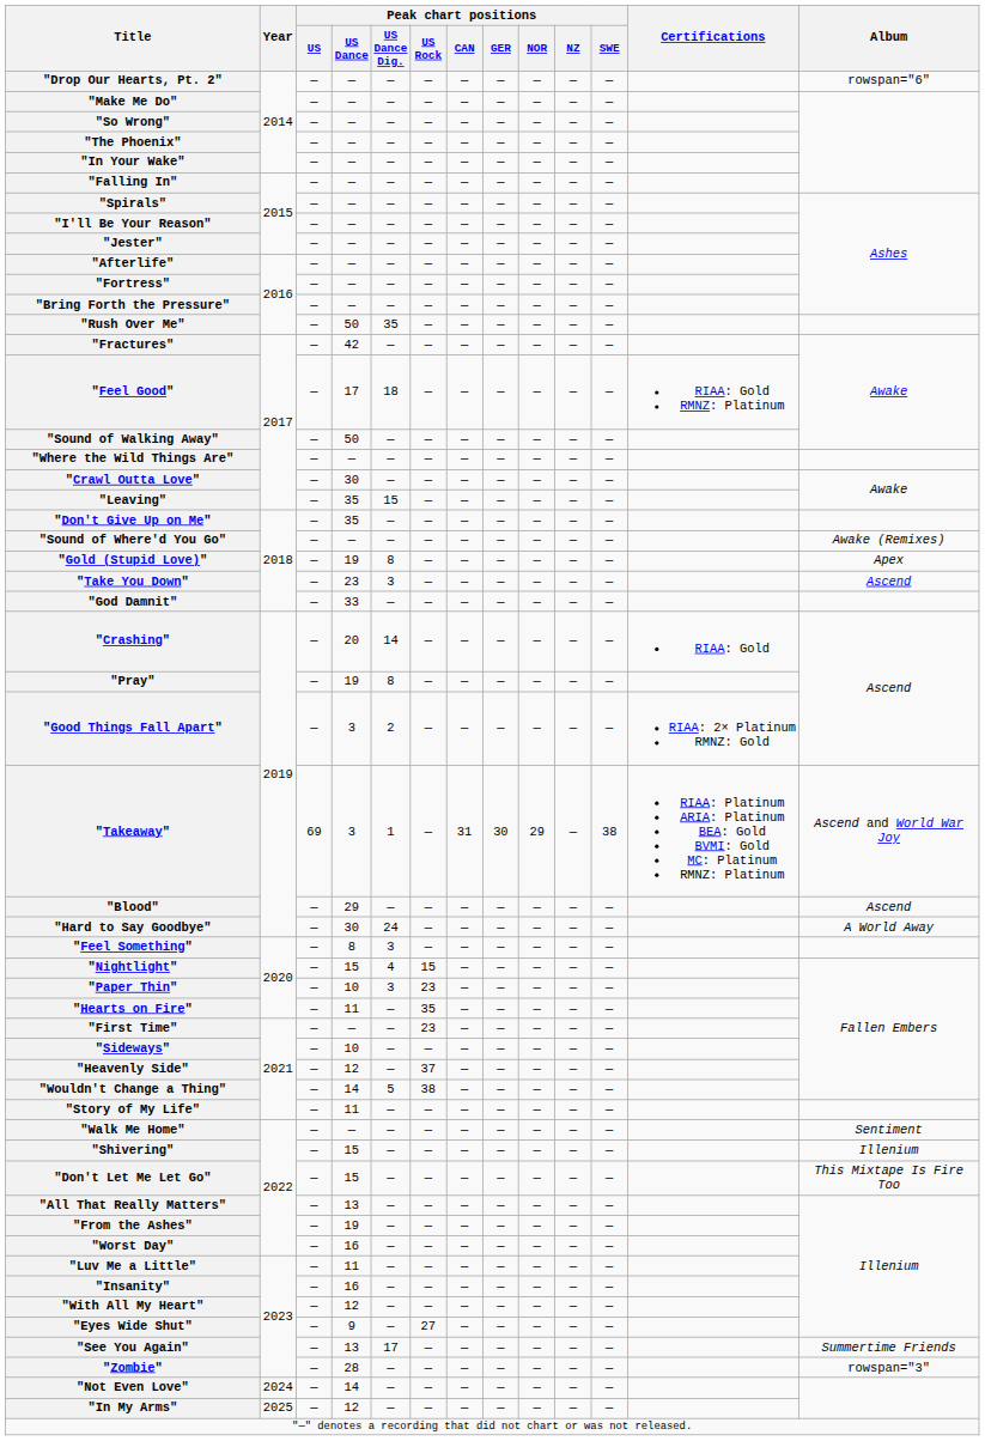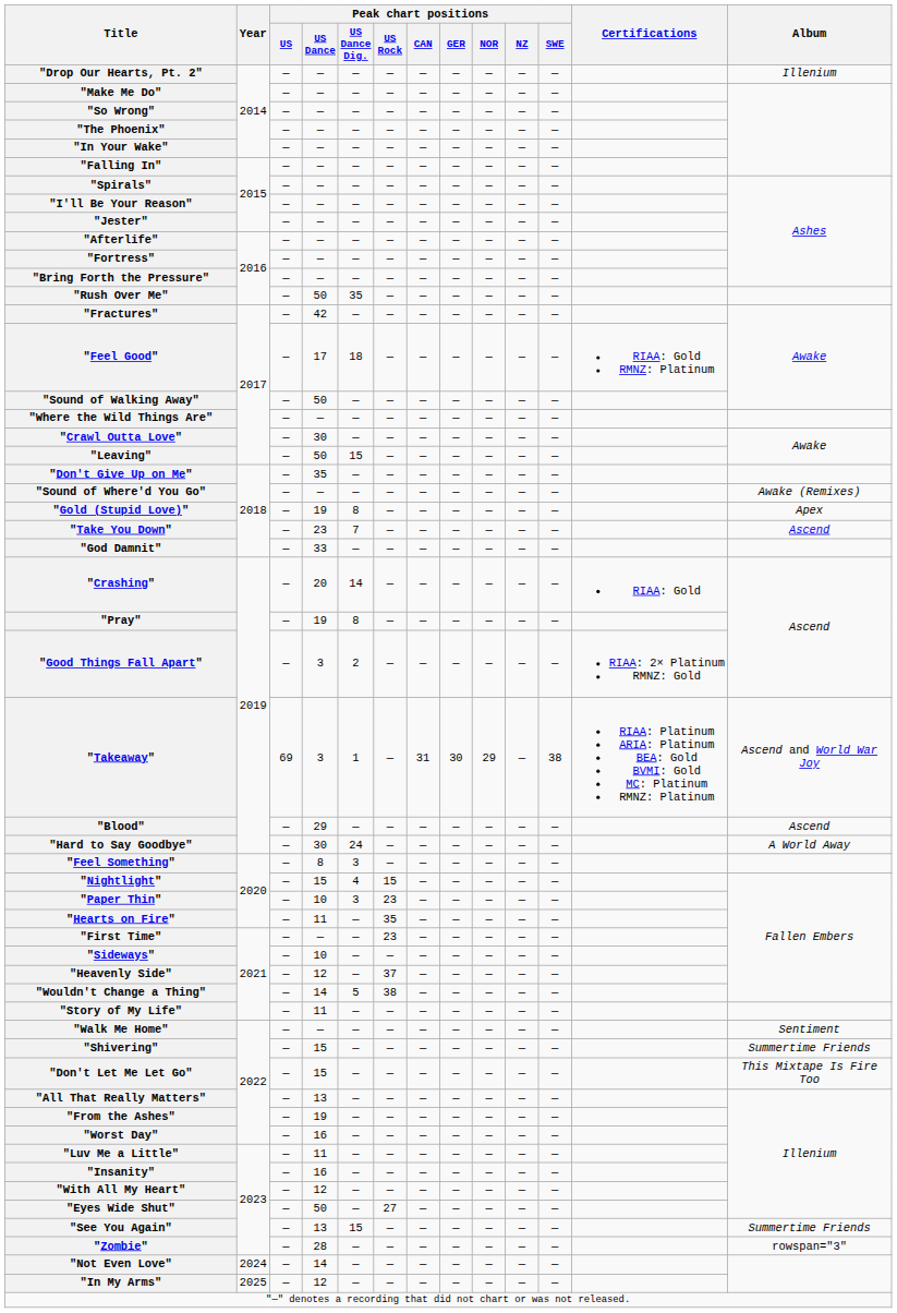 <table class="wikitable plainrowheaders" style="text-align:center;">
 <tr>
 <th scope="col" rowspan="2" style="width:20em;">Title</th>
 <th scope="col" rowspan="2" style="width:1em;">Year</th>
 <th scope="col" colspan="9">Peak chart positions</th>
 <th scope="col" rowspan="2"><a href='#'>Certifications</a></th>
 <th scope="col" rowspan="2" style="width:14em;">Album</th>
 </tr>
 <tr>
 <th scope="col" style="width:2.75em;font-size:90%;"><a href='#'>US</a><br></th>
 <th scope="col" style="width:2.75em;font-size:90%;"><a href='#'>US<br>Dance</a><br></th>
 <th scope="col" style="width:2.75em;font-size:90%;"><a href='#'>US<br>Dance Dig.</a><br></th>
 <th scope="col" style="width:2.75em;font-size:90%;"><a href='#'>US<br>Rock</a><br></th>
 <th scope="col" style="width:2.75em;font-size:90%;"><a href='#'>CAN</a><br></th>
 <th scope="col" style="width:2.75em;font-size:90%;"><a href='#'>GER</a><br></th>
 <th scope="col" style="width:2.75em;font-size:90%;"><a href='#'>NOR</a><br></th>
 <th scope="col" style="width:2.75em;font-size:90%;"><a href='#'>NZ</a><br></th>
 <th scope="col" style="width:2.75em;font-size:90%;"><a href='#'>SWE</a><br></th>
 </tr>
 <tr>
 <th scope="row">"Drop Our Hearts, Pt. 2"<br></th>
 <td rowspan="5">2014</td>
 <td>—</td>
 <td>—</td>
 <td>—</td>
 <td>—</td>
 <td>—</td>
 <td>—</td>
 <td>—</td>
 <td>—</td>
 <td>—</td>
 <td></td>
-<td>rowspan="6" </td>
+<td><em>Illenium</em></td>
 </tr>
 <tr>
 <th scope="row">"Make Me Do"</th>
 <td>—</td>
 <td>—</td>
 <td>—</td>
 <td>—</td>
 <td>—</td>
 <td>—</td>
 <td>—</td>
 <td>—</td>
 <td>—</td>
 <td></td>
 </tr>
 <tr>
 <th scope="row">"So Wrong"</th>
 <td>—</td>
 <td>—</td>
 <td>—</td>
 <td>—</td>
 <td>—</td>
 <td>—</td>
 <td>—</td>
 <td>—</td>
 <td>—</td>
 <td></td>
 </tr>
 <tr>
 <th scope="row">"The Phoenix"</th>
 <td>—</td>
 <td>—</td>
 <td>—</td>
 <td>—</td>
 <td>—</td>
 <td>—</td>
 <td>—</td>
 <td>—</td>
 <td>—</td>
 <td></td>
 </tr>
 <tr>
 <th scope="row">"In Your Wake"<br></th>
 <td>—</td>
 <td>—</td>
 <td>—</td>
 <td>—</td>
 <td>—</td>
 <td>—</td>
 <td>—</td>
 <td>—</td>
 <td>—</td>
 <td></td>
 </tr>
 <tr>
 <th scope="row">"Falling In"<br></th>
 <td rowspan="4">2015</td>
 <td>—</td>
 <td>—</td>
 <td>—</td>
 <td>—</td>
 <td>—</td>
 <td>—</td>
 <td>—</td>
 <td>—</td>
 <td>—</td>
 <td></td>
 </tr>
 <tr>
 <th scope="row">"Spirals"<br></th>
 <td>—</td>
 <td>—</td>
 <td>—</td>
 <td>—</td>
 <td>—</td>
 <td>—</td>
 <td>—</td>
 <td>—</td>
 <td>—</td>
 <td></td>
 <td rowspan="6"><em><a href='#'>Ashes</a></em></td>
 </tr>
 <tr>
 <th scope="row">"I'll Be Your Reason"</th>
 <td>—</td>
 <td>—</td>
 <td>—</td>
 <td>—</td>
 <td>—</td>
 <td>—</td>
 <td>—</td>
 <td>—</td>
 <td>—</td>
 <td></td>
 </tr>
 <tr>
 <th scope="row">"Jester"</th>
 <td>—</td>
 <td>—</td>
 <td>—</td>
 <td>—</td>
 <td>—</td>
 <td>—</td>
 <td>—</td>
 <td>—</td>
 <td>—</td>
 <td></td>
 </tr>
 <tr>
 <th scope="row">"Afterlife"<br></th>
 <td rowspan="4">2016</td>
 <td>—</td>
 <td>—</td>
 <td>—</td>
 <td>—</td>
 <td>—</td>
 <td>—</td>
 <td>—</td>
 <td>—</td>
 <td>—</td>
 <td></td>
 </tr>
 <tr>
 <th scope="row">"Fortress"<br></th>
 <td>—</td>
 <td>—</td>
 <td>—</td>
 <td>—</td>
 <td>—</td>
 <td>—</td>
 <td>—</td>
 <td>—</td>
 <td>—</td>
 <td></td>
 </tr>
 <tr>
 <th scope="row">"Bring Forth the Pressure"<br></th>
 <td>—</td>
 <td>—</td>
 <td>—</td>
 <td>—</td>
 <td>—</td>
 <td>—</td>
 <td>—</td>
 <td>—</td>
 <td>—</td>
 <td></td>
 </tr>
 <tr>
 <th scope="row">"Rush Over Me"<br></th>
 <td>—</td>
 <td>50</td>
 <td>35</td>
 <td>—</td>
 <td>—</td>
 <td>—</td>
 <td>—</td>
 <td>—</td>
 <td>—</td>
 <td></td>
 <td></td>
 </tr>
 <tr>
 <th scope="row">"Fractures"<br></th>
 <td rowspan="6">2017</td>
 <td>—</td>
 <td>42</td>
 <td>—</td>
 <td>—</td>
 <td>—</td>
 <td>—</td>
 <td>—</td>
 <td>—</td>
 <td>—</td>
 <td></td>
 <td rowspan="3"><a href='#'><em>Awake</em></a></td>
 </tr>
 <tr>
 <th scope="row">"<a href='#'>Feel Good</a>"<br></th>
 <td>—</td>
 <td>17</td>
 <td>18</td>
 <td>—</td>
 <td>—</td>
 <td>—</td>
 <td>—</td>
 <td>—</td>
 <td>—</td>
 <td><br><ul><li><a href='#'>RIAA</a>: Gold</li><li><a href='#'>RMNZ</a>: Platinum</li></ul></td>
 </tr>
 <tr>
 <th scope="row">"Sound of Walking Away"<br></th>
 <td>—</td>
 <td>50</td>
 <td>—</td>
 <td>—</td>
 <td>—</td>
 <td>—</td>
 <td>—</td>
 <td>—</td>
 <td>—</td>
 <td></td>
 </tr>
 <tr>
 <th scope="row">"Where the Wild Things Are"<br></th>
 <td>—</td>
 <td>—</td>
 <td>—</td>
 <td>—</td>
 <td>—</td>
 <td>—</td>
 <td>—</td>
 <td>—</td>
 <td>—</td>
 <td></td>
 <td></td>
 </tr>
 <tr>
 <th scope="row">"<a href='#'>Crawl Outta Love</a>"<br></th>
 <td>—</td>
 <td>30</td>
 <td>—</td>
 <td>—</td>
 <td>—</td>
 <td>—</td>
 <td>—</td>
 <td>—</td>
 <td>—</td>
 <td></td>
 <td rowspan="2"><em>Awake</em></td>
 </tr>
 <tr>
 <th scope="row">"Leaving"<br></th>
 <td>—</td>
-<td>35</td>
+<td>50</td>
 <td>15</td>
 <td>—</td>
 <td>—</td>
 <td>—</td>
 <td>—</td>
 <td>—</td>
 <td>—</td>
 <td></td>
 </tr>
 <tr>
 <th scope="row">"<a href='#'>Don't Give Up on Me</a>"<br></th>
 <td rowspan="5">2018</td>
 <td>—</td>
 <td>35</td>
 <td>—</td>
 <td>—</td>
 <td>—</td>
 <td>—</td>
 <td>—</td>
 <td>—</td>
 <td>—</td>
 <td></td>
 <td></td>
 </tr>
 <tr>
 <th scope="row">"Sound of Where'd You Go"<br></th>
 <td>—</td>
 <td>—</td>
 <td>—</td>
 <td>—</td>
 <td>—</td>
 <td>—</td>
 <td>—</td>
 <td>—</td>
 <td>—</td>
 <td></td>
 <td><em>Awake (Remixes)</em></td>
 </tr>
 <tr>
 <th scope="row">"<a href='#'>Gold (Stupid Love)</a>"<br></th>
 <td>—</td>
 <td>19</td>
 <td>8</td>
 <td>—</td>
 <td>—</td>
 <td>—</td>
 <td>—</td>
 <td>—</td>
 <td>—</td>
 <td></td>
 <td><em>Apex</em></td>
 </tr>
 <tr>
 <th scope="row">"<a href='#'>Take You Down</a>"</th>
 <td>—</td>
 <td>23</td>
-<td>3</td>
+<td>7</td>
 <td>—</td>
 <td>—</td>
 <td>—</td>
 <td>—</td>
 <td>—</td>
 <td>—</td>
 <td></td>
 <td><em><a href='#'>Ascend</a></em></td>
 </tr>
 <tr>
 <th scope="row">"God Damnit"<br></th>
 <td>—</td>
 <td>33</td>
 <td>—</td>
 <td>—</td>
 <td>—</td>
 <td>—</td>
 <td>—</td>
 <td>—</td>
 <td>—</td>
 <td></td>
 <td></td>
 </tr>
 <tr>
 <th scope="row">"<a href='#'>Crashing</a>"<br></th>
 <td rowspan="6">2019</td>
 <td>—</td>
 <td>20</td>
 <td>14</td>
 <td>—</td>
 <td>—</td>
 <td>—</td>
 <td>—</td>
 <td>—</td>
 <td>—</td>
 <td><br><ul><li><a href='#'>RIAA</a>: Gold</li></ul></td>
 <td rowspan="3"><em>Ascend</em></td>
 </tr>
 <tr>
 <th scope="row">"Pray"<br></th>
 <td>—</td>
 <td>19</td>
 <td>8</td>
 <td>—</td>
 <td>—</td>
 <td>—</td>
 <td>—</td>
 <td>—</td>
 <td>—</td>
 <td></td>
 </tr>
 <tr>
 <th scope="row">"<a href='#'>Good Things Fall Apart</a>" <br></th>
 <td>—</td>
 <td>3</td>
 <td>2</td>
 <td>—</td>
 <td>—</td>
 <td>—</td>
 <td>—</td>
 <td>—</td>
 <td>—</td>
 <td><br><ul><li><a href='#'>RIAA</a>: 2× Platinum</li><li>RMNZ: Gold</li></ul></td>
 </tr>
 <tr>
 <th scope="row">"<a href='#'>Takeaway</a>"<br></th>
 <td>69</td>
 <td>3</td>
 <td>1</td>
 <td>—</td>
 <td>31</td>
 <td>30</td>
 <td>29</td>
 <td>—</td>
 <td>38</td>
 <td><br><ul><li><a href='#'>RIAA</a>: Platinum</li><li><a href='#'>ARIA</a>: Platinum</li><li><a href='#'>BEA</a>: Gold</li><li><a href='#'>BVMI</a>: Gold</li><li><a href='#'>MC</a>: Platinum</li><li>RMNZ: Platinum</li></ul></td>
 <td><em>Ascend</em> and <em><a href='#'>World War Joy</a></em></td>
 </tr>
 <tr>
 <th scope="row">"Blood" <br></th>
 <td>—</td>
 <td>29</td>
 <td>—</td>
 <td>—</td>
 <td>—</td>
 <td>—</td>
 <td>—</td>
 <td>—</td>
 <td>—</td>
 <td></td>
 <td><em>Ascend</em></td>
 </tr>
 <tr>
 <th scope="row">"Hard to Say Goodbye" <br></th>
 <td>—</td>
 <td>30</td>
 <td>24</td>
 <td>—</td>
 <td>—</td>
 <td>—</td>
 <td>—</td>
 <td>—</td>
 <td>—</td>
 <td></td>
 <td><em>A World Away</em></td>
 </tr>
 <tr>
 <th scope="row">"<a href='#'>Feel Something</a>" <br></th>
 <td rowspan="4">2020</td>
 <td>—</td>
 <td>8</td>
 <td>3</td>
 <td>—</td>
 <td>—</td>
 <td>—</td>
 <td>—</td>
 <td>—</td>
 <td>—</td>
 <td></td>
 <td></td>
 </tr>
 <tr>
 <th scope="row">"<a href='#'>Nightlight</a>"<br></th>
 <td>—</td>
 <td>15</td>
 <td>4</td>
 <td>15</td>
 <td>—</td>
 <td>—</td>
 <td>—</td>
 <td>—</td>
 <td>—</td>
 <td></td>
 <td rowspan="7"><em>Fallen Embers</em></td>
 </tr>
 <tr>
 <th scope="row">"<a href='#'>Paper Thin</a>" <br></th>
 <td>—</td>
 <td>10</td>
 <td>3</td>
 <td>23</td>
 <td>—</td>
 <td>—</td>
 <td>—</td>
 <td>—</td>
 <td>—</td>
 <td></td>
 </tr>
 <tr>
 <th scope="row">"<a href='#'>Hearts on Fire</a>" <br></th>
 <td>—</td>
 <td>11</td>
 <td>—</td>
 <td>35</td>
 <td>—</td>
 <td>—</td>
 <td>—</td>
 <td>—</td>
 <td>—</td>
 <td></td>
 </tr>
 <tr>
 <th scope="row">"First Time"<br></th>
 <td rowspan="5">2021</td>
 <td>—</td>
 <td>—</td>
 <td>—</td>
 <td>23</td>
 <td>—</td>
 <td>—</td>
 <td>—</td>
 <td>—</td>
 <td>—</td>
 <td></td>
 </tr>
 <tr>
 <th scope="row">"<a href='#'>Sideways</a>"<br></th>
 <td>—</td>
 <td>10</td>
 <td>—</td>
 <td>—</td>
 <td>—</td>
 <td>—</td>
 <td>—</td>
 <td>—</td>
 <td>—</td>
 <td></td>
 </tr>
 <tr>
 <th scope="row">"Heavenly Side" <br></th>
 <td>—</td>
 <td>12</td>
 <td>—</td>
 <td>37</td>
 <td>—</td>
 <td>—</td>
 <td>—</td>
 <td>—</td>
 <td>—</td>
 <td></td>
 </tr>
 <tr>
 <th scope="row">"Wouldn't Change a Thing" <br></th>
 <td>—</td>
 <td>14</td>
 <td>5</td>
 <td>38</td>
 <td>—</td>
 <td>—</td>
 <td>—</td>
 <td>—</td>
 <td>—</td>
 <td></td>
 </tr>
 <tr>
 <th scope="row">"Story of My Life"<br></th>
 <td>—</td>
 <td>11</td>
 <td>—</td>
 <td>—</td>
 <td>—</td>
 <td>—</td>
 <td>—</td>
 <td>—</td>
 <td>—</td>
 <td></td>
 <td></td>
 </tr>
 <tr>
 <th scope="row">"Walk Me Home" <br></th>
 <td rowspan="6">2022</td>
 <td>—</td>
 <td>—</td>
 <td>—</td>
 <td>—</td>
 <td>—</td>
 <td>—</td>
 <td>—</td>
 <td>—</td>
 <td>—</td>
 <td></td>
 <td><em>Sentiment</em></td>
 </tr>
 <tr>
 <th scope="row">"Shivering"<br></th>
 <td>—</td>
 <td>15</td>
 <td>—</td>
 <td>—</td>
 <td>—</td>
 <td>—</td>
 <td>—</td>
 <td>—</td>
 <td>—</td>
 <td></td>
-<td><em>Illenium</em></td>
+<td><em>Summertime Friends</em></td>
 </tr>
 <tr>
 <th scope="row">"Don't Let Me Let Go" <br></th>
 <td>—</td>
 <td>15</td>
 <td>—</td>
 <td>—</td>
 <td>—</td>
 <td>—</td>
 <td>—</td>
 <td>—</td>
 <td>—</td>
 <td></td>
 <td><em>This Mixtape Is Fire Too</em></td>
 </tr>
 <tr>
 <th scope="row">"All That Really Matters" <br></th>
 <td>—</td>
 <td>13</td>
 <td>—</td>
 <td>—</td>
 <td>—</td>
 <td>—</td>
 <td>—</td>
 <td>—</td>
 <td>—</td>
 <td></td>
 <td rowspan="7"><em>Illenium</em></td>
 </tr>
 <tr>
 <th scope="row">"From the Ashes" <br></th>
 <td>—</td>
 <td>19</td>
 <td>—</td>
 <td>—</td>
 <td>—</td>
 <td>—</td>
 <td>—</td>
 <td>—</td>
 <td>—</td>
 <td></td>
 </tr>
 <tr>
 <th scope="row">"Worst Day" <br></th>
 <td>—</td>
 <td>16</td>
 <td>—</td>
 <td>—</td>
 <td>—</td>
 <td>—</td>
 <td>—</td>
 <td>—</td>
 <td>—</td>
 <td></td>
 </tr>
 <tr>
 <th scope="row">"Luv Me a Little" <br></th>
 <td rowspan="6">2023</td>
 <td>—</td>
 <td>11</td>
 <td>—</td>
 <td>—</td>
 <td>—</td>
 <td>—</td>
 <td>—</td>
 <td>—</td>
 <td>—</td>
 <td></td>
 </tr>
 <tr>
 <th scope="row">"Insanity" <br></th>
 <td>—</td>
 <td>16</td>
 <td>—</td>
 <td>—</td>
 <td>—</td>
 <td>—</td>
 <td>—</td>
 <td>—</td>
 <td>—</td>
 <td></td>
 </tr>
 <tr>
 <th scope="row">"With All My Heart" <br></th>
 <td>—</td>
 <td>12</td>
 <td>—</td>
 <td>—</td>
 <td>—</td>
 <td>—</td>
 <td>—</td>
 <td>—</td>
 <td>—</td>
 <td></td>
 </tr>
 <tr>
 <th scope="row">"Eyes Wide Shut" <br></th>
 <td>—</td>
-<td>9</td>
+<td>50</td>
 <td>—</td>
 <td>27</td>
 <td>—</td>
 <td>—</td>
 <td>—</td>
 <td>—</td>
 <td>—</td>
 <td></td>
 </tr>
 <tr>
 <th scope="row">"See You Again" <br></th>
 <td>—</td>
 <td>13</td>
-<td>17</td>
+<td>15</td>
 <td>—</td>
 <td>—</td>
 <td>—</td>
 <td>—</td>
 <td>—</td>
 <td>—</td>
 <td></td>
 <td><em>Summertime Friends</em></td>
 </tr>
 <tr>
 <th scope="row">"<a href='#'>Zombie</a>" <br></th>
 <td>—</td>
 <td>28</td>
 <td>—</td>
 <td>—</td>
 <td>—</td>
 <td>—</td>
 <td>—</td>
 <td>—</td>
 <td>—</td>
 <td></td>
 <td>rowspan="3" </td>
 </tr>
 <tr>
 <th scope="row">"Not Even Love" <br></th>
 <td>2024</td>
 <td>—</td>
 <td>14</td>
 <td>—</td>
 <td>—</td>
 <td>—</td>
 <td>—</td>
 <td>—</td>
 <td>—</td>
 <td>—</td>
 <td></td>
 </tr>
 <tr>
 <th scope="row">"In My Arms" <br></th>
 <td>2025</td>
 <td>—</td>
 <td>12</td>
 <td>—</td>
 <td>—</td>
 <td>—</td>
 <td>—</td>
 <td>—</td>
 <td>—</td>
 <td>—</td>
 <td></td>
 </tr>
 <tr>
 <td colspan="13" style="font-size:85%">"—" denotes a recording that did not chart or was not released.</td>
 </tr>
 </table>
